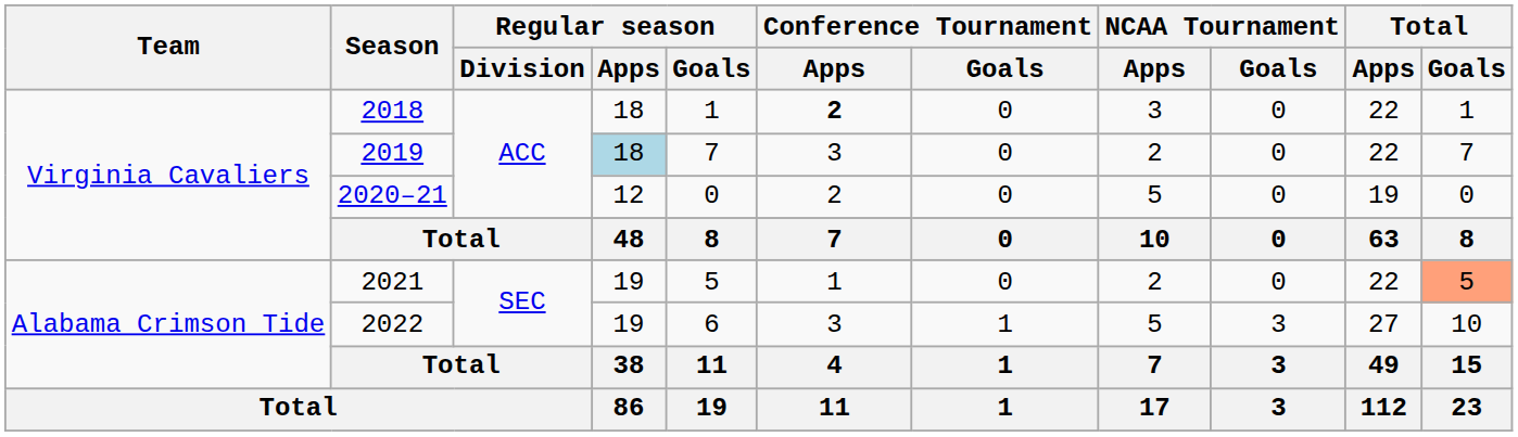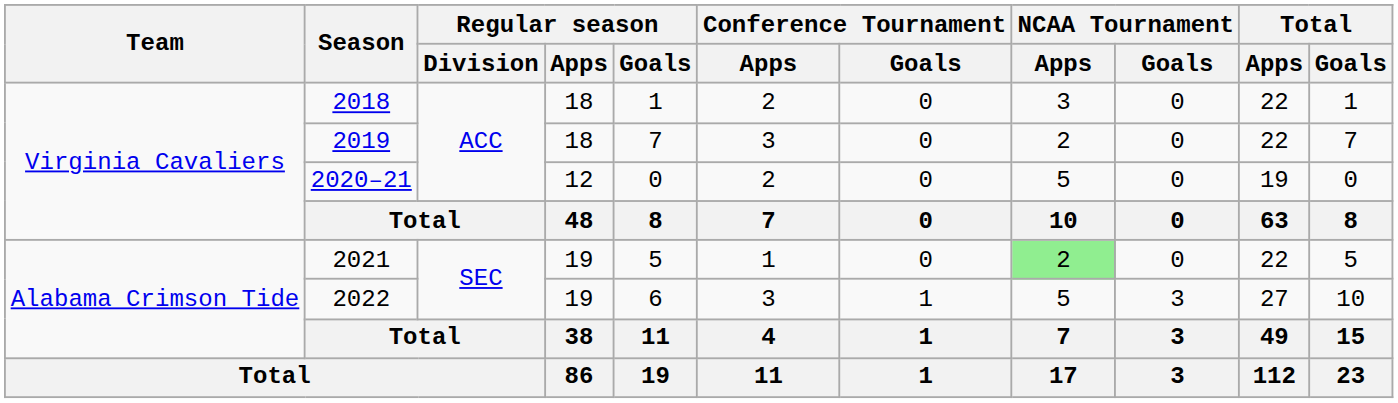 <table class="wikitable" style="text-align: center;">
 <tr>
 <th rowspan="2">Team</th>
 <th rowspan="2">Season</th>
 <th colspan="3">Regular season</th>
 <th colspan="2">Conference Tournament</th>
 <th colspan="2">NCAA Tournament</th>
 <th colspan="2">Total</th>
 </tr>
 <tr>
 <th>Division</th>
 <th>Apps</th>
 <th>Goals</th>
 <th>Apps</th>
 <th>Goals</th>
 <th>Apps</th>
 <th>Goals</th>
 <th>Apps</th>
 <th>Goals</th>
 </tr>
 <tr>
 <td rowspan="4"><a href='#'>Virginia Cavaliers</a></td>
 <td><a href='#'>2018</a></td>
 <td rowspan="3"><a href='#'>ACC</a></td>
 <td>18</td>
 <td>1</td>
-<td><strong>2</strong></td>
+<td>2</td>
 <td>0</td>
 <td>3</td>
 <td>0</td>
 <td>22</td>
 <td>1</td>
 </tr>
 <tr>
 <td><a href='#'>2019</a></td>
-<td style="background: lightblue;">18</td>
+<td>18</td>
 <td>7</td>
 <td>3</td>
 <td>0</td>
 <td>2</td>
 <td>0</td>
 <td>22</td>
 <td>7</td>
 </tr>
 <tr>
 <td><a href='#'>2020–21</a></td>
 <td>12</td>
 <td>0</td>
 <td>2</td>
 <td>0</td>
 <td>5</td>
 <td>0</td>
 <td>19</td>
 <td>0</td>
 </tr>
 <tr>
 <th colspan="2">Total</th>
 <th>48</th>
 <th>8</th>
 <th>7</th>
 <th>0</th>
 <th>10</th>
 <th>0</th>
 <th>63</th>
 <th>8</th>
 </tr>
 <tr>
 <td rowspan="3"><a href='#'>Alabama Crimson Tide</a></td>
 <td>2021</td>
 <td rowspan="2"><a href='#'>SEC</a></td>
 <td>19</td>
 <td>5</td>
 <td>1</td>
 <td>0</td>
-<td>2</td>
+<td style="background: lightgreen;">2</td>
 <td>0</td>
 <td>22</td>
-<td style="background: lightsalmon;">5</td>
+<td>5</td>
 </tr>
 <tr>
 <td>2022</td>
 <td>19</td>
 <td>6</td>
 <td>3</td>
 <td>1</td>
 <td>5</td>
 <td>3</td>
 <td>27</td>
 <td>10</td>
 </tr>
 <tr>
 <th colspan="2">Total</th>
 <th>38</th>
 <th>11</th>
 <th>4</th>
 <th>1</th>
 <th>7</th>
 <th>3</th>
 <th>49</th>
 <th>15</th>
 </tr>
 <tr>
 <th colspan="3">Total</th>
 <th>86</th>
 <th>19</th>
 <th>11</th>
 <th>1</th>
 <th>17</th>
 <th>3</th>
 <th>112</th>
 <th>23</th>
 </tr>
 </table>
